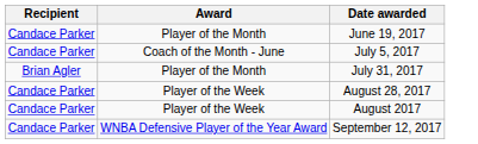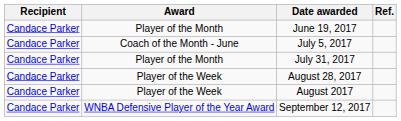 <table class="wikitable sortable sortable" style="text-align: center">
 <tr>
 <th>Recipient</th>
 <th>Award</th>
 <th>Date awarded</th>
+<th>Ref.</th>
 </tr>
 <tr>
 <td><a href='#'>Candace Parker</a></td>
 <td>Player of the Month</td>
 <td>June 19, 2017</td>
+<td></td>
 </tr>
 <tr>
 <td><a href='#'>Candace Parker</a></td>
 <td>Coach of the Month - June</td>
 <td>July 5, 2017</td>
+<td></td>
 </tr>
 <tr>
-<td><a href='#'>Brian Agler</a></td>
+<td><a href='#'>Candace Parker</a></td>
 <td>Player of the Month</td>
 <td>July 31, 2017</td>
+<td></td>
 </tr>
 <tr>
 <td><a href='#'>Candace Parker</a></td>
 <td>Player of the Week</td>
 <td>August 28, 2017</td>
+<td></td>
 </tr>
 <tr>
 <td><a href='#'>Candace Parker</a></td>
 <td>Player of the Week</td>
 <td>August 2017</td>
+<td></td>
 </tr>
 <tr>
 <td><a href='#'>Candace Parker</a></td>
 <td><a href='#'>WNBA Defensive Player of the Year Award</a></td>
 <td>September 12, 2017</td>
+<td></td>
 </tr>
 </table>
